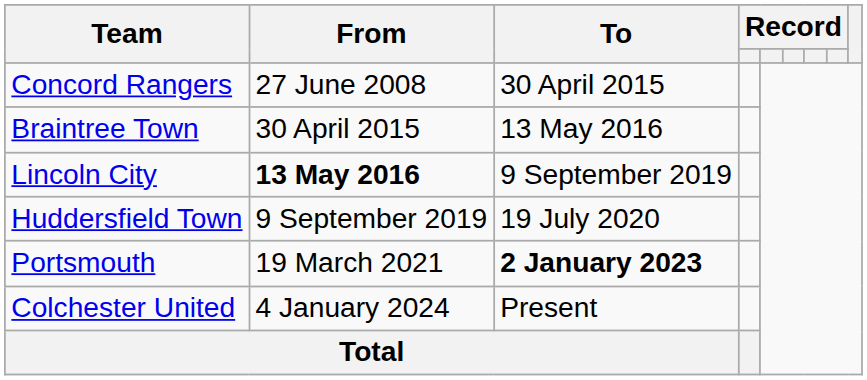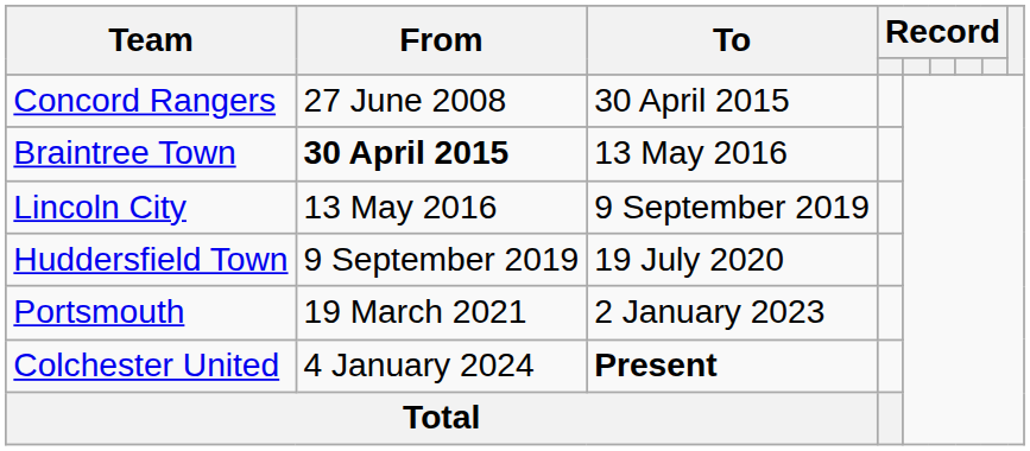 <table class=wikitable style=text-align:center>
 <tr>
 <th rowspan=2>Team</th>
 <th rowspan=2>From</th>
 <th rowspan=2>To</th>
 <th colspan=5>Record</th>
 <th rowspan=2></th>
 </tr>
 <tr>
 <th></th>
 <th></th>
 <th></th>
 <th></th>
 <th></th>
 </tr>
 <tr>
 <td align=left><a href='#'>Concord Rangers</a></td>
 <td align=left>27 June 2008</td>
 <td align=left>30 April 2015<br></td>
 <td></td>
 </tr>
 <tr>
 <td align=left><a href='#'>Braintree Town</a></td>
-<td align=left>30 April 2015</td>
+<td align=left><strong>30 April 2015</strong></td>
 <td align=left>13 May 2016<br></td>
 <td></td>
 </tr>
 <tr>
 <td align=left><a href='#'>Lincoln City</a></td>
-<td align=left><strong>13 May 2016</strong></td>
+<td align=left>13 May 2016</td>
 <td align=left>9 September 2019<br></td>
 <td></td>
 </tr>
 <tr>
 <td align=left><a href='#'>Huddersfield Town</a></td>
 <td align=left>9 September 2019</td>
 <td align=left>19 July 2020<br></td>
 <td></td>
 </tr>
 <tr>
 <td align=left><a href='#'>Portsmouth</a></td>
 <td align=left>19 March 2021</td>
-<td align=left><strong>2 January 2023<br></strong></td>
+<td align=left>2 January 2023<br></td>
 <td></td>
 </tr>
 <tr>
 <td align=left><a href='#'>Colchester United</a></td>
 <td align=left>4 January 2024</td>
-<td align=left>Present<br></td>
+<td align=left><strong>Present<br></strong></td>
 <td></td>
 </tr>
 <tr>
 <th colspan=3>Total<br></th>
 <th></th>
 </tr>
 </table>
